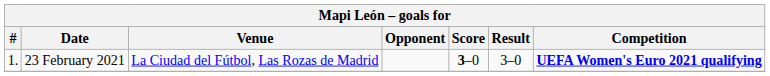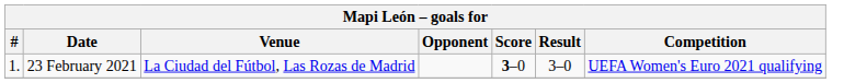 <table class="wikitable">
 <tr>
 <th colspan="7"><strong>Mapi León – goals for </strong></th>
 </tr>
 <tr>
 <th>#</th>
 <th>Date</th>
 <th>Venue</th>
 <th>Opponent</th>
 <th>Score</th>
 <th>Result</th>
 <th>Competition</th>
 </tr>
 <tr>
 <td align="center">1.</td>
 <td>23 February 2021</td>
 <td><a href='#'>La Ciudad del Fútbol</a>, <a href='#'>Las Rozas de Madrid</a></td>
 <td></td>
 <td align="center"><strong>3</strong>–0</td>
 <td align="center">3–0</td>
-<td><strong><a href='#'>UEFA Women's Euro 2021 qualifying</a></strong></td>
+<td><a href='#'>UEFA Women's Euro 2021 qualifying</a></td>
 </tr>
 <tr>
 </tr>
 </table>
